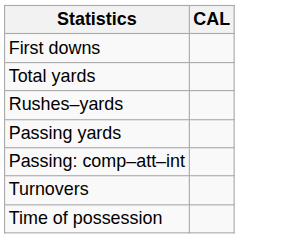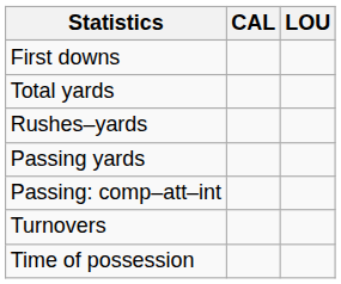 <table class="wikitable" style="float:left">
 <tr>
 <th>Statistics</th>
 <th>CAL</th>
+<th>LOU</th>
 </tr>
 <tr>
 <td>First downs</td>
+<td></td>
 <td></td>
 </tr>
 <tr>
 <td>Total yards</td>
 <td></td>
+<td></td>
 </tr>
 <tr>
 <td>Rushes–yards</td>
+<td></td>
 <td></td>
 </tr>
 <tr>
 <td>Passing yards</td>
 <td></td>
+<td></td>
 </tr>
 <tr>
 <td>Passing: comp–att–int</td>
+<td></td>
 <td></td>
 </tr>
 <tr>
 <td>Turnovers</td>
 <td></td>
+<td></td>
 </tr>
 <tr>
 <td>Time of possession</td>
 <td></td>
+<td></td>
 </tr>
 </table>
